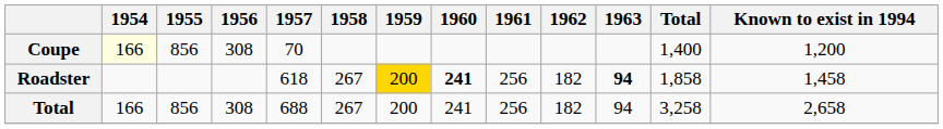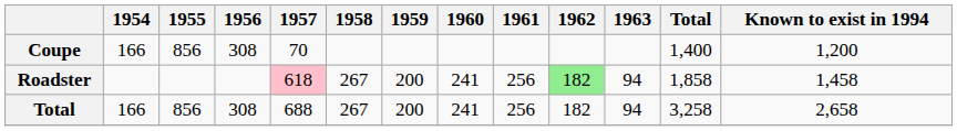 <table class="wikitable" style="text-align:center; width:50em">
 <tr>
 <th></th>
 <th>1954</th>
 <th>1955</th>
 <th>1956</th>
 <th>1957</th>
 <th>1958</th>
 <th>1959</th>
 <th>1960</th>
 <th>1961</th>
 <th>1962</th>
 <th>1963</th>
 <th>Total</th>
 <th colspan="4">Known to exist in 1994</th>
 </tr>
 <tr>
 <th>Coupe</th>
-<td style="background: lightyellow;">166</td>
+<td>166</td>
 <td>856</td>
 <td>308</td>
 <td>70</td>
 <td></td>
 <td></td>
 <td></td>
 <td></td>
 <td></td>
 <td></td>
 <td>1,400</td>
 <td colspan="4">1,200</td>
 </tr>
 <tr>
 <th>Roadster</th>
 <td></td>
 <td></td>
 <td></td>
-<td>618</td>
+<td style="background: pink;">618</td>
 <td>267</td>
-<td style="background: gold;">200</td>
-<td><strong>241</strong></td>
+<td>200</td>
+<td>241</td>
 <td>256</td>
-<td>182</td>
-<td><strong>94</strong></td>
+<td style="background: lightgreen;">182</td>
+<td>94</td>
 <td>1,858</td>
 <td colspan="4">1,458</td>
 </tr>
 <tr>
 <th>Total</th>
 <td>166</td>
 <td>856</td>
 <td>308</td>
 <td>688</td>
 <td>267</td>
 <td>200</td>
 <td>241</td>
 <td>256</td>
 <td>182</td>
 <td>94</td>
 <td>3,258</td>
 <td colspan="4">2,658</td>
 </tr>
 <tr>
 </tr>
 </table>
